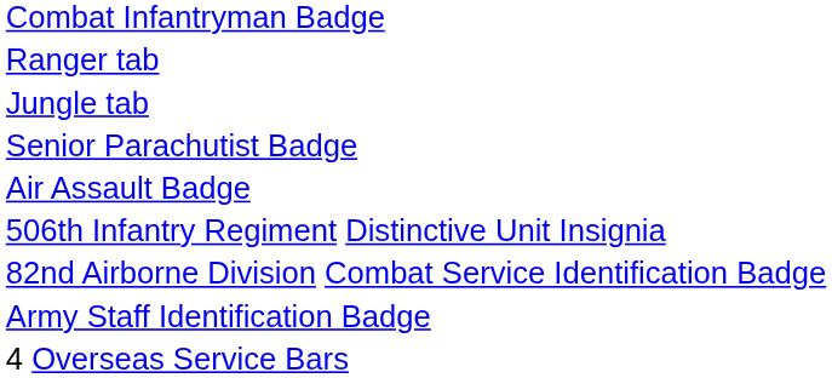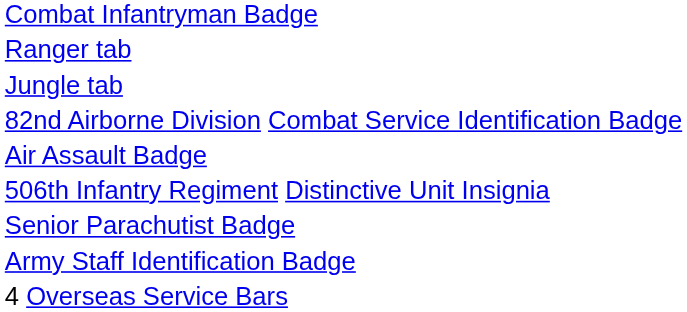 <table>
 <tr>
 <td> <a href='#'>Combat Infantryman Badge</a></td>
 </tr>
 <tr>
 <td> <a href='#'>Ranger tab</a></td>
 </tr>
 <tr>
 <td> <a href='#'> Jungle tab</a></td>
 </tr>
 <tr>
-<td> <a href='#'>Senior Parachutist Badge</a></td>
+<td> <a href='#'>82nd Airborne Division</a> <a href='#'>Combat Service Identification Badge</a></td>
 </tr>
 <tr>
 <td> <a href='#'>Air Assault Badge</a></td>
 </tr>
 <tr>
 <td> <a href='#'>506th Infantry Regiment</a> <a href='#'>Distinctive Unit Insignia</a></td>
 </tr>
 <tr>
-<td> <a href='#'>82nd Airborne Division</a> <a href='#'>Combat Service Identification Badge</a></td>
+<td> <a href='#'>Senior Parachutist Badge</a></td>
 </tr>
 <tr>
 <td> <a href='#'>Army Staff Identification Badge</a></td>
 </tr>
 <tr>
 <td> 4 <a href='#'>Overseas Service Bars</a></td>
 </tr>
 </table>
